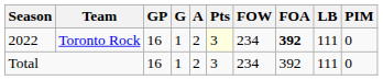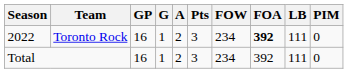 <table class="wikitable">
 <tr>
 <th>Season</th>
 <th>Team</th>
 <th>GP</th>
 <th>G</th>
 <th>A</th>
 <th>Pts</th>
 <th>FOW</th>
 <th>FOA</th>
 <th>LB</th>
 <th>PIM</th>
 </tr>
 <tr>
 <td>2022</td>
 <td><a href='#'>Toronto Rock</a></td>
 <td>16</td>
 <td>1</td>
 <td>2</td>
-<td style="background: lightyellow;">3</td>
+<td>3</td>
 <td>234</td>
 <td><strong>392</strong></td>
 <td>111</td>
 <td>0</td>
 </tr>
 <tr>
 <td colspan="2">Total</td>
 <td>16</td>
 <td>1</td>
 <td>2</td>
 <td>3</td>
 <td>234</td>
 <td>392</td>
 <td>111</td>
 <td>0</td>
 </tr>
 </table>
